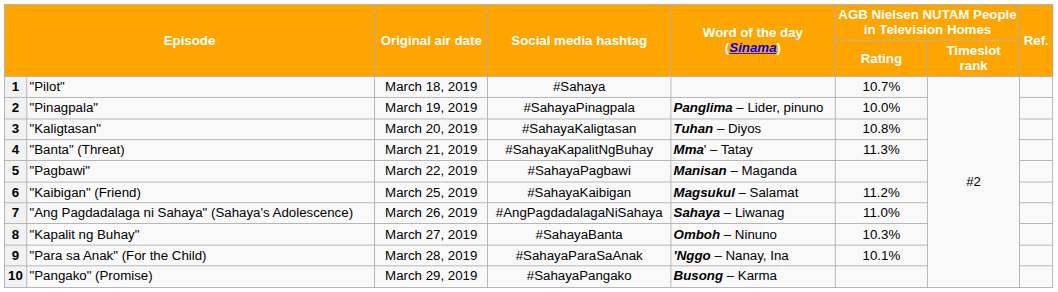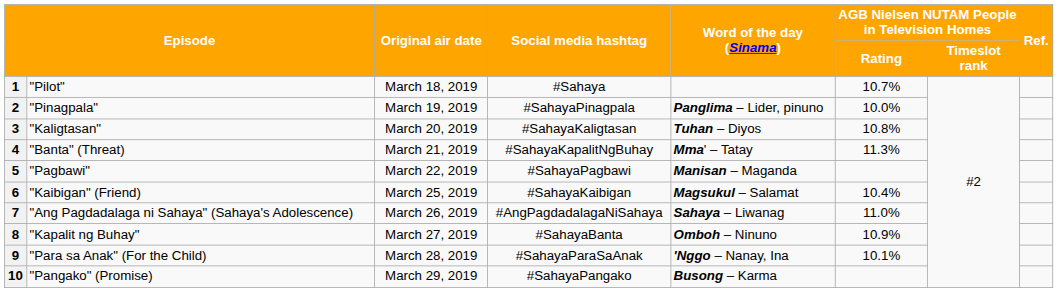 <table class="wikitable" style="text-align:center; font-size:100%; line-height:18px;" width="100%">
 <tr>
 <th style="background-color:#FFA500; color:#ffffff;" colspan="2" rowspan="2">Episode</th>
 <th style="background-color:#FFA500; color:white" rowspan="2">Original air date</th>
 <th style="background-color:#FFA500; color:white" rowspan="2">Social media hashtag</th>
 <th style="background-color:#FFA500; color:white" rowspan="2">Word of the day<br>(<em><a href='#'>Sinama</a></em>)</th>
 <th style="background-color:#FFA500; color:#ffffff;" colspan="2">AGB Nielsen NUTAM People in Television Homes</th>
 <th style="background-color:#FFA500; color:#ffffff;" rowspan="2">Ref.</th>
 </tr>
 <tr>
 <th style="background-color:#FFA500; width:75px; color:#ffffff;">Rating</th>
 <th style="background-color:#FFA500; width:75px; color:#ffffff;">Timeslot<br>rank</th>
 </tr>
 <tr>
 <th>1</th>
 <td style="text-align: left;">"Pilot"</td>
 <td>March 18, 2019</td>
 <td>#Sahaya</td>
 <td></td>
 <td>10.7%</td>
 <td rowspan="10">#2</td>
 <td></td>
 </tr>
 <tr>
 <th>2</th>
 <td style="text-align: left;">"Pinagpala" </td>
 <td>March 19, 2019</td>
 <td>#SahayaPinagpala</td>
 <td style="text-align: left;"><strong><em>Panglima</em></strong> – Lider, pinuno</td>
 <td>10.0%</td>
 <td></td>
 </tr>
 <tr>
 <th>3</th>
 <td style="text-align: left;">"Kaligtasan" </td>
 <td>March 20, 2019</td>
 <td>#SahayaKaligtasan</td>
 <td style="text-align: left;"><strong><em>Tuhan</em></strong> – Diyos</td>
 <td>10.8%</td>
 <td></td>
 </tr>
 <tr>
 <th>4</th>
 <td style="text-align: left;">"Banta" (Threat)</td>
 <td>March 21, 2019</td>
 <td>#SahayaKapalitNgBuhay</td>
 <td style="text-align: left;"><strong><em>Mma</em></strong>' – Tatay</td>
 <td>11.3%</td>
 <td></td>
 </tr>
 <tr>
 <th>5</th>
 <td style="text-align: left;">"Pagbawi" </td>
 <td>March 22, 2019</td>
 <td>#SahayaPagbawi</td>
 <td style="text-align: left;"><strong><em>Manisan</em></strong> – Maganda</td>
 <td></td>
 <td></td>
 </tr>
 <tr>
 <th>6</th>
 <td style="text-align: left;">"Kaibigan" (Friend)</td>
 <td>March 25, 2019</td>
 <td>#SahayaKaibigan</td>
 <td style="text-align: left;"><strong><em>Magsukul</em></strong> – Salamat</td>
-<td>11.2%</td>
+<td>10.4%</td>
 <td></td>
 </tr>
 <tr>
 <th>7</th>
 <td style="text-align: left;">"Ang Pagdadalaga ni Sahaya" (Sahaya's Adolescence)</td>
 <td>March 26, 2019</td>
 <td>#AngPagdadalagaNiSahaya</td>
 <td style="text-align: left;"><strong><em>Sahaya</em></strong> – Liwanag</td>
 <td>11.0%</td>
 <td></td>
 </tr>
 <tr>
 <th>8</th>
 <td style="text-align: left;">"Kapalit ng Buhay" </td>
 <td>March 27, 2019</td>
 <td>#SahayaBanta</td>
 <td style="text-align: left;"><strong><em>Omboh</em></strong> – Ninuno</td>
-<td>10.3%</td>
+<td>10.9%</td>
 <td></td>
 </tr>
 <tr>
 <th>9</th>
 <td style="text-align: left;">"Para sa Anak" (For the Child)</td>
 <td>March 28, 2019</td>
 <td>#SahayaParaSaAnak</td>
 <td style="text-align: left;"><strong><em>'Nggo</em></strong> – Nanay, Ina</td>
 <td>10.1%</td>
 <td></td>
 </tr>
 <tr>
 <th>10</th>
 <td style="text-align: left;">"Pangako" (Promise)</td>
 <td>March 29, 2019</td>
 <td>#SahayaPangako</td>
 <td style="text-align: left;"><strong><em>Busong</em></strong> – Karma</td>
 <td></td>
 <td></td>
 </tr>
 </table>
